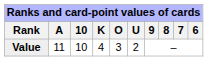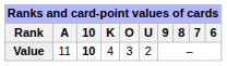 <table class="wikitable" align="float:left"  style="background-color:white">
 <tr style="background-color:#B3B7FF">
 <td colspan="10"><strong>Ranks and card-point values of cards</strong></td>
 </tr>
 <tr>
 <th>Rank</th>
 <th>A</th>
 <th>10</th>
 <th>K</th>
 <th>O</th>
 <th>U</th>
 <th>9</th>
 <th>8</th>
 <th>7</th>
 <th>6</th>
 </tr>
 <tr align="center">
 <td style="background:#efefef;"><strong>Value</strong></td>
 <td>11</td>
-<td>10</td>
+<td><strong>10</strong></td>
 <td>4</td>
 <td>3</td>
 <td>2</td>
 <td colspan=4>–</td>
 </tr>
 </table>
